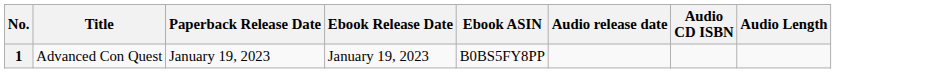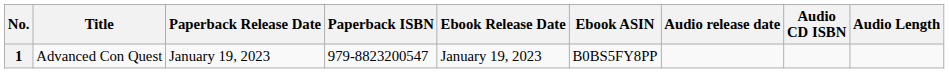 <table class="wikitable">
 <tr>
 <th>No.</th>
 <th>Title</th>
 <th>Paperback Release Date</th>
+<th>Paperback ISBN</th>
 <th>Ebook Release Date</th>
 <th>Ebook ASIN</th>
 <th>Audio release date</th>
 <th>Audio<br>CD ISBN</th>
 <th>Audio Length</th>
 </tr>
 <tr>
 <th>1</th>
 <td>Advanced Con Quest</td>
 <td>January 19, 2023</td>
+<td>979-8823200547</td>
 <td>January 19, 2023</td>
 <td>B0BS5FY8PP</td>
 <td></td>
 <td></td>
 <td></td>
 </tr>
 </table>
